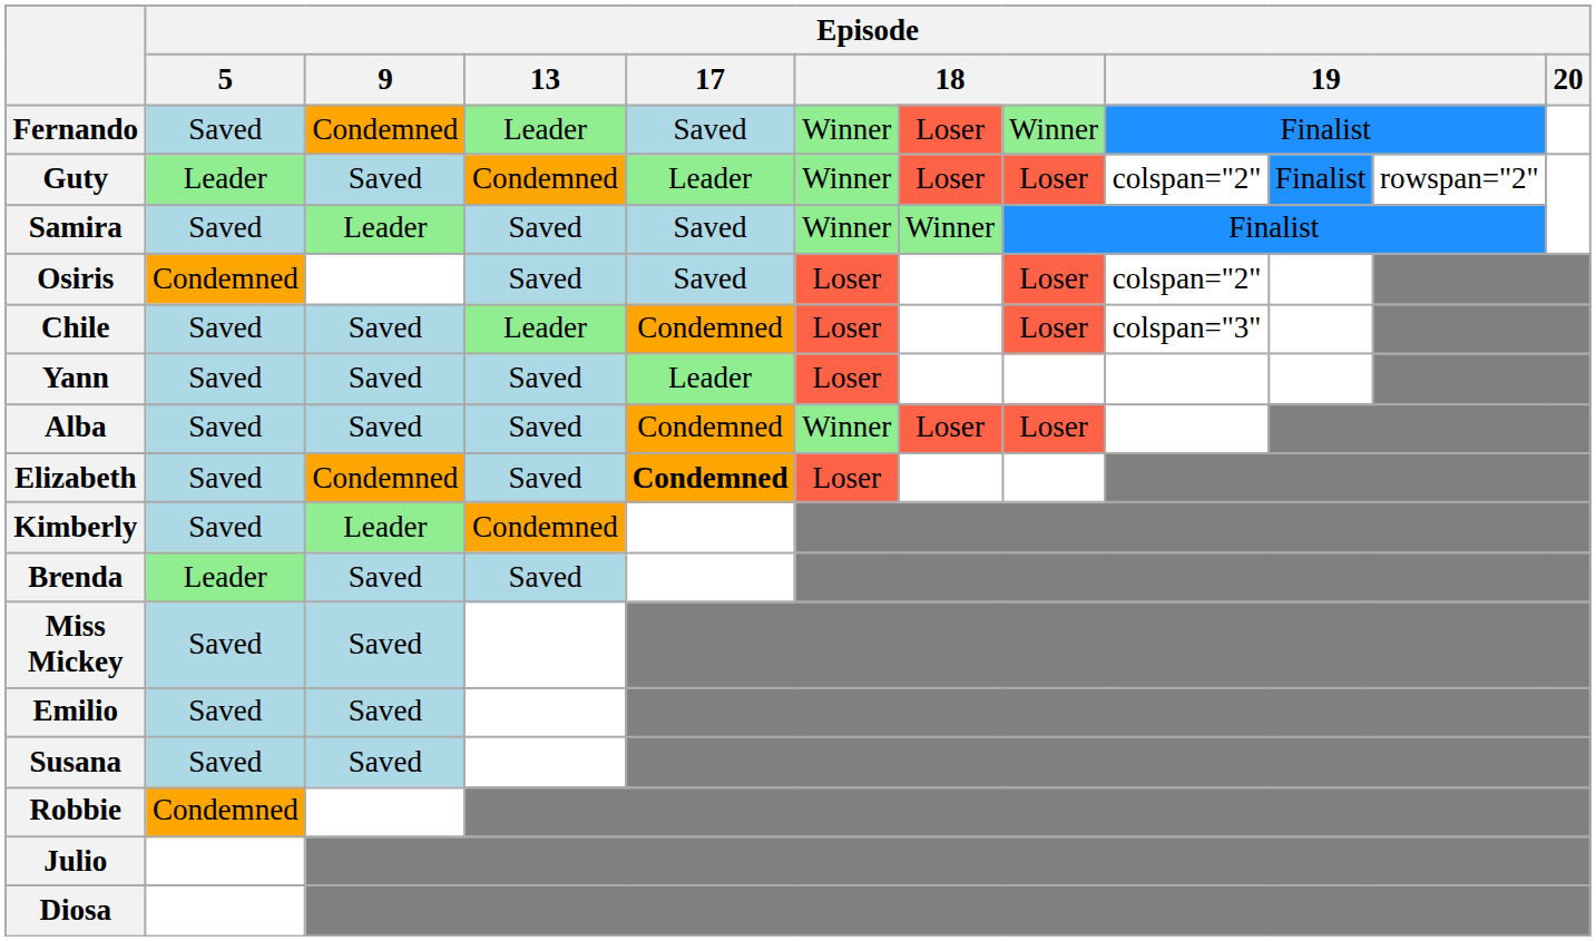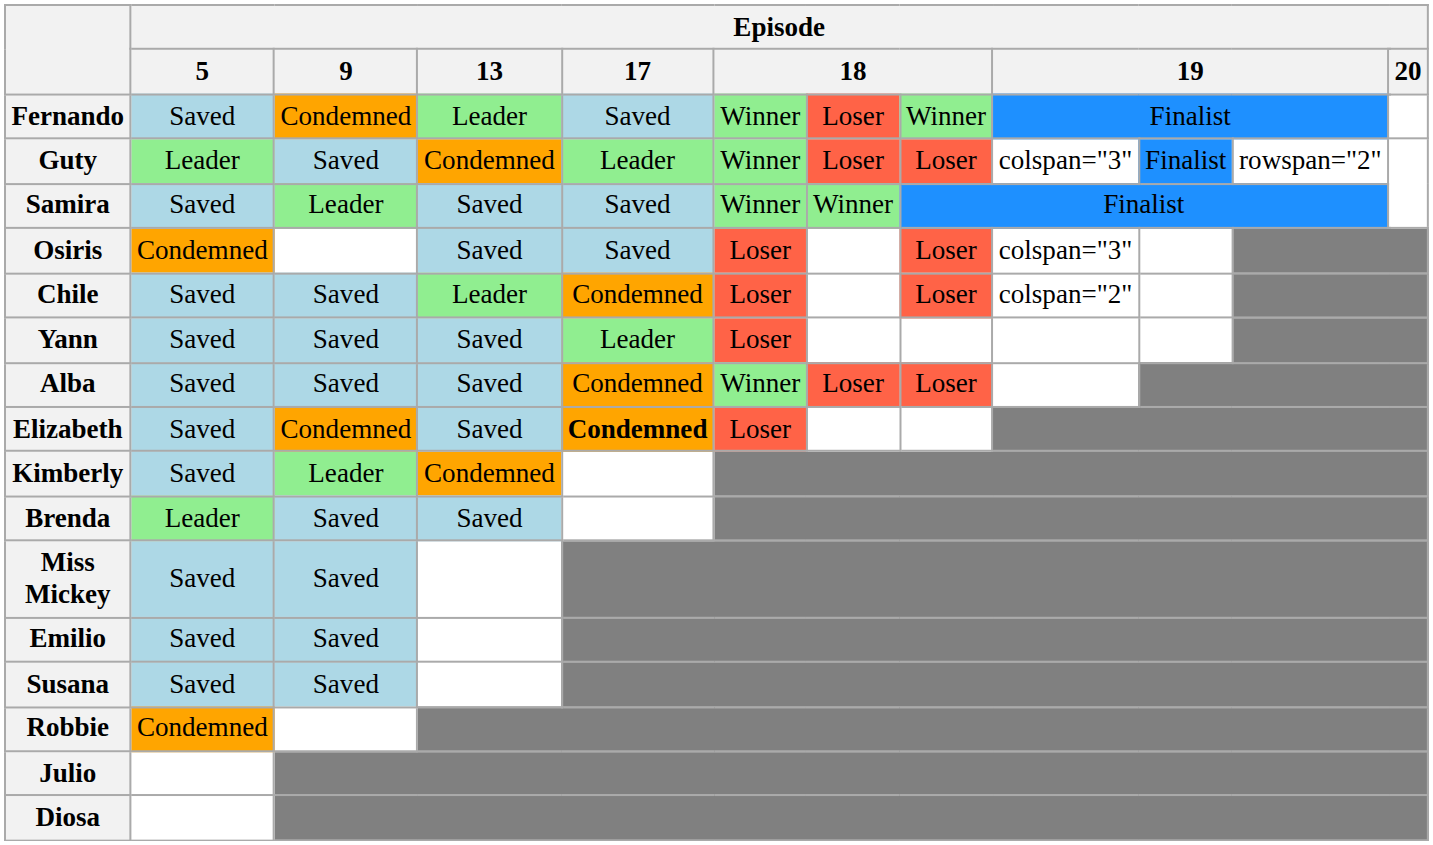 <table border="0" style="background:#ffffff; text-align:center; font-size:85%; width:auto;" align="top" class="wikitable">
 <tr>
 <th rowspan=2 style="width:7%;"></th>
 <th colspan=55>Episode</th>
 </tr>
 <tr>
 <th style="width:4%;">5</th>
 <th style="width:4%;">9</th>
 <th style="width:4%;">13</th>
 <th style="width:4%;">17</th>
 <th style="width:4%;" colspan="3">18</th>
 <th style="width:4%;" colspan="4">19</th>
 <th style="width:4%;">20</th>
 </tr>
 <tr>
 <th>Fernando</th>
 <td style="background: lightblue">Saved</td>
 <td style="background: orange">Condemned</td>
 <td style="background: lightgreen">Leader</td>
 <td style="background: lightblue">Saved</td>
 <td style="background: lightgreen">Winner</td>
 <td bgcolor=tomato>Loser</td>
 <td style="background: lightgreen">Winner</td>
 <td colspan="4" style="background:dodgerblue">Finalist</td>
 <td></td>
 </tr>
 <tr>
 <th>Guty</th>
 <td style="background: lightgreen">Leader</td>
 <td style="background: lightblue">Saved</td>
 <td style="background: orange">Condemned</td>
 <td style="background: lightgreen">Leader</td>
 <td style="background: lightgreen">Winner</td>
 <td bgcolor=tomato>Loser</td>
 <td bgcolor=tomato>Loser</td>
-<td>colspan="2" </td>
+<td>colspan="3" </td>
 <td style="background:dodgerblue">Finalist</td>
 <td>rowspan="2" </td>
 </tr>
 <tr>
 <th>Samira</th>
 <td style="background: lightblue">Saved</td>
 <td style="background: lightgreen">Leader</td>
 <td style="background: lightblue">Saved</td>
 <td style="background: lightblue">Saved</td>
 <td style="background: lightgreen">Winner</td>
 <td style="background: lightgreen">Winner</td>
 <td colspan="5" style="background:dodgerblue">Finalist</td>
 </tr>
 <tr>
 <th>Osiris</th>
 <td style="background: orange">Condemned</td>
 <td></td>
 <td style="background: lightblue">Saved</td>
 <td style="background: lightblue">Saved</td>
 <td bgcolor=tomato>Loser</td>
 <td></td>
 <td bgcolor=tomato>Loser</td>
-<td>colspan="2" </td>
+<td>colspan="3" </td>
 <td></td>
 <td colspan="55" bgcolor=gray></td>
 </tr>
 <tr>
 <th>Chile</th>
 <td style="background: lightblue">Saved</td>
 <td style="background: lightblue">Saved</td>
 <td style="background: lightgreen">Leader</td>
 <td style="background: orange">Condemned</td>
 <td bgcolor=tomato>Loser</td>
 <td></td>
 <td bgcolor=tomato>Loser</td>
-<td>colspan="3" </td>
+<td>colspan="2" </td>
 <td></td>
 <td colspan="55" bgcolor=gray></td>
 </tr>
 <tr>
 <th>Yann</th>
 <td style="background: lightblue">Saved</td>
 <td style="background: lightblue">Saved</td>
 <td style="background: lightblue">Saved</td>
 <td style="background: lightgreen">Leader</td>
 <td bgcolor=tomato>Loser</td>
 <td></td>
 <td></td>
 <td></td>
 <td></td>
 <td colspan="55" bgcolor=gray></td>
 </tr>
 <tr>
 <th>Alba</th>
 <td style="background: lightblue">Saved</td>
 <td style="background: lightblue">Saved</td>
 <td style="background: lightblue">Saved</td>
 <td style="background: orange">Condemned</td>
 <td style="background: lightgreen">Winner</td>
 <td bgcolor=tomato>Loser</td>
 <td bgcolor=tomato>Loser</td>
 <td></td>
 <td colspan="55" bgcolor=gray></td>
 </tr>
 <tr>
 <th>Elizabeth</th>
 <td style="background: lightblue">Saved</td>
 <td style="background: orange">Condemned</td>
 <td style="background: lightblue">Saved</td>
 <td style="background: orange"><strong>Condemned</strong></td>
 <td bgcolor=tomato>Loser</td>
 <td></td>
 <td></td>
 <td colspan="55" bgcolor=gray></td>
 </tr>
 <tr>
 <th>Kimberly</th>
 <td style="background: lightblue">Saved</td>
 <td style="background: lightgreen">Leader</td>
 <td style="background: orange">Condemned</td>
 <td></td>
 <td colspan="55" bgcolor=gray></td>
 </tr>
 <tr>
 <th>Brenda</th>
 <td style="background: lightgreen">Leader</td>
 <td style="background: lightblue">Saved</td>
 <td style="background: lightblue">Saved</td>
 <td></td>
 <td colspan="55" bgcolor=gray></td>
 </tr>
 <tr>
 <th>Miss Mickey</th>
 <td style="background: lightblue">Saved</td>
 <td style="background: lightblue">Saved</td>
 <td></td>
 <td colspan="55" bgcolor=gray></td>
 </tr>
 <tr>
 <th>Emilio</th>
 <td style="background: lightblue">Saved</td>
 <td style="background: lightblue">Saved</td>
 <td></td>
 <td colspan="55" bgcolor=gray></td>
 </tr>
 <tr>
 <th>Susana</th>
 <td style="background: lightblue">Saved</td>
 <td style="background: lightblue">Saved</td>
 <td></td>
 <td colspan="55" bgcolor=gray></td>
 </tr>
 <tr>
 <th>Robbie</th>
 <td style="background: orange">Condemned</td>
 <td></td>
 <td colspan="55" bgcolor=gray></td>
 </tr>
 <tr>
 <th>Julio</th>
 <td></td>
 <td colspan="55" bgcolor=gray></td>
 </tr>
 <tr>
 <th>Diosa</th>
 <td></td>
 <td colspan="55" bgcolor=gray></td>
 </tr>
 <tr>
 </tr>
 </table>
